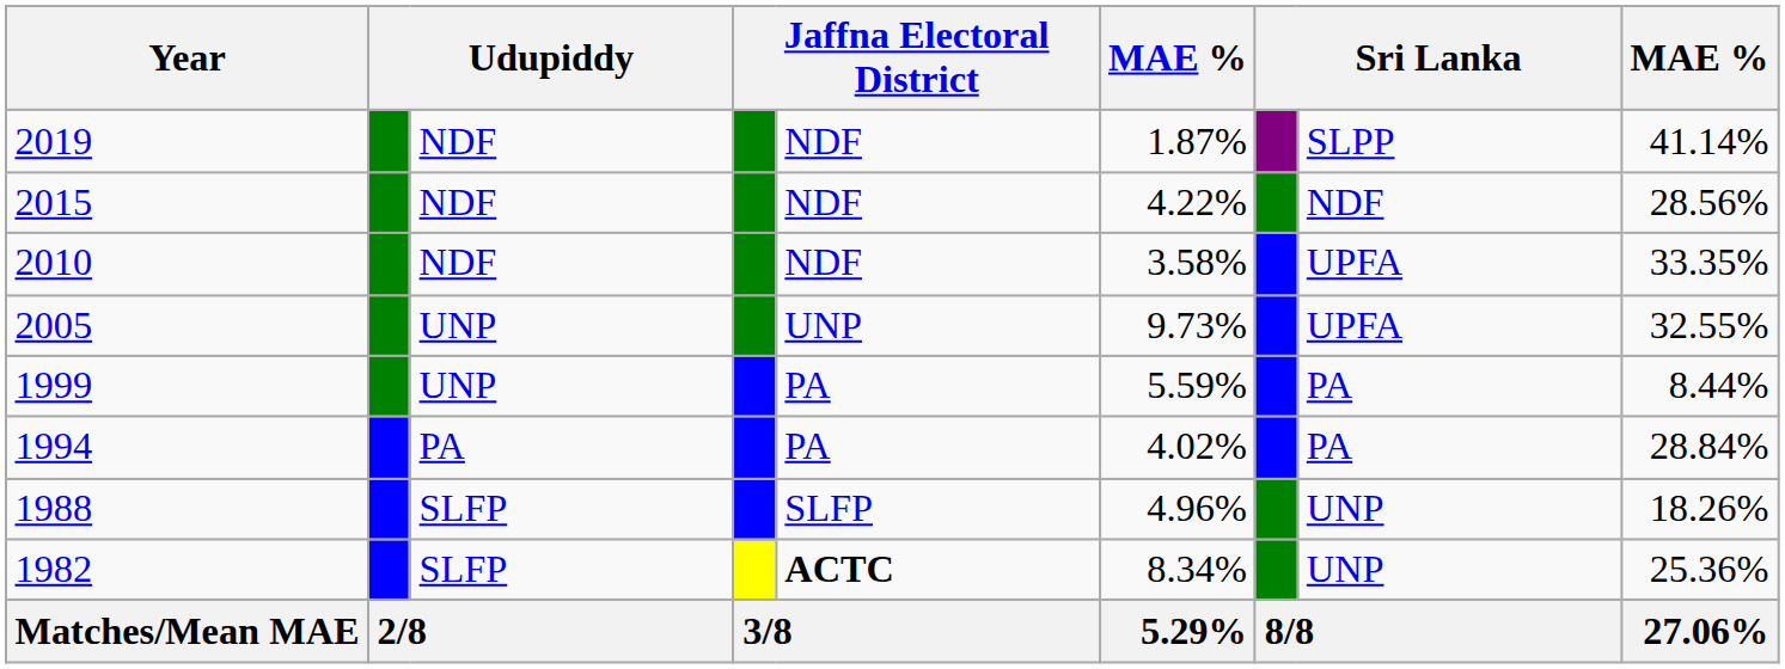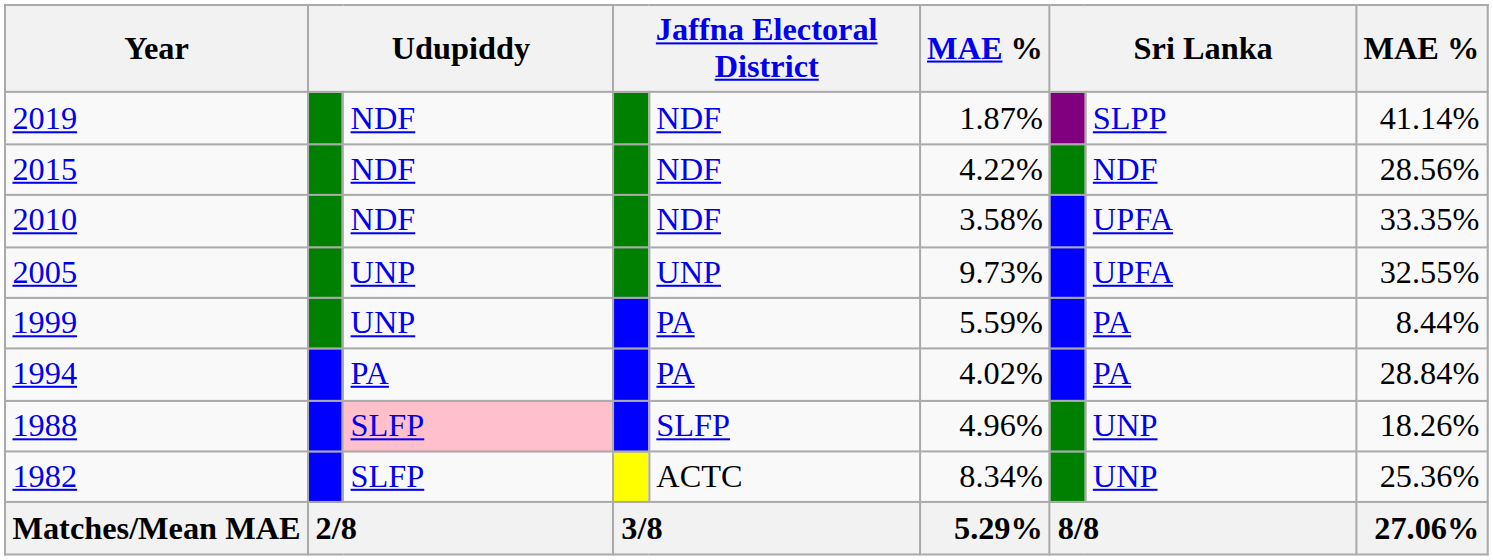 <table class="wikitable">
 <tr>
 <th>Year</th>
 <th colspan="2" width="144px">Udupiddy</th>
 <th colspan="2" width="144px"><a href='#'>Jaffna Electoral District</a></th>
 <th><a href='#'>MAE</a> %</th>
 <th colspan="2" width="144px">Sri Lanka</th>
 <th>MAE %</th>
 </tr>
 <tr>
 <td><a href='#'>2019</a></td>
 <td style="background-color:green;" width="10px"></td>
 <td style="text-align:left;"><a href='#'>NDF</a></td>
 <td style="background-color:green;" width="10px"></td>
 <td style="text-align:left;"><a href='#'>NDF</a></td>
 <td style="text-align:right;">1.87%</td>
 <td style="background-color:purple;" width="10px"></td>
 <td style="text-align:left;"><a href='#'>SLPP</a></td>
 <td style="text-align:right;">41.14%</td>
 </tr>
 <tr>
 <td><a href='#'>2015</a></td>
 <td style="background-color:green;" width="10px"></td>
 <td style="text-align:left;"><a href='#'>NDF</a></td>
 <td style="background-color:green;" width="10px"></td>
 <td style="text-align:left;"><a href='#'>NDF</a></td>
 <td style="text-align:right;">4.22%</td>
 <td style="background-color:green;" width="10px"></td>
 <td style="text-align:left;"><a href='#'>NDF</a></td>
 <td style="text-align:right;">28.56%</td>
 </tr>
 <tr>
 <td><a href='#'>2010</a></td>
 <td style="background-color:green;" width="10px"></td>
 <td style="text-align:left;"><a href='#'>NDF</a></td>
 <td style="background-color:green;" width="10px"></td>
 <td style="text-align:left;"><a href='#'>NDF</a></td>
 <td style="text-align:right;">3.58%</td>
 <td style="background-color:blue;" width="10px"></td>
 <td style="text-align:left;"><a href='#'>UPFA</a></td>
 <td style="text-align:right;">33.35%</td>
 </tr>
 <tr>
 <td><a href='#'>2005</a></td>
 <td style="background-color:green;" width="10px"></td>
 <td style="text-align:left;"><a href='#'>UNP</a></td>
 <td style="background-color:green;" width="10px"></td>
 <td style="text-align:left;"><a href='#'>UNP</a></td>
 <td style="text-align:right;">9.73%</td>
 <td style="background-color:blue;" width="10px"></td>
 <td style="text-align:left;"><a href='#'>UPFA</a></td>
 <td style="text-align:right;">32.55%</td>
 </tr>
 <tr>
 <td><a href='#'>1999</a></td>
 <td style="background-color:green;" width="10px"></td>
 <td style="text-align:left;"><a href='#'>UNP</a></td>
 <td style="background-color:blue;" width="10px"></td>
 <td style="text-align:left;"><a href='#'>PA</a></td>
 <td style="text-align:right;">5.59%</td>
 <td style="background-color:blue;" width="10px"></td>
 <td style="text-align:left;"><a href='#'>PA</a></td>
 <td style="text-align:right;">8.44%</td>
 </tr>
 <tr>
 <td><a href='#'>1994</a></td>
 <td style="background-color:blue;" width="10px"></td>
 <td style="text-align:left;"><a href='#'>PA</a></td>
 <td style="background-color:blue;" width="10px"></td>
 <td style="text-align:left;"><a href='#'>PA</a></td>
 <td style="text-align:right;">4.02%</td>
 <td style="background-color:blue;" width="10px"></td>
 <td style="text-align:left;"><a href='#'>PA</a></td>
 <td style="text-align:right;">28.84%</td>
 </tr>
 <tr>
 <td><a href='#'>1988</a></td>
 <td style="background-color:blue;" width="10px"></td>
-<td style="text-align:left;"><a href='#'>SLFP</a></td>
+<td style="background: pink; text-align:left;"><a href='#'>SLFP</a></td>
 <td style="background-color:blue;" width="10px"></td>
 <td style="text-align:left;"><a href='#'>SLFP</a></td>
 <td style="text-align:right;">4.96%</td>
 <td style="background-color:green;" width="10px"></td>
 <td style="text-align:left;"><a href='#'>UNP</a></td>
 <td style="text-align:right;">18.26%</td>
 </tr>
 <tr>
 <td><a href='#'>1982</a></td>
 <td style="background-color:blue;" width="10px"></td>
 <td style="text-align:left;"><a href='#'>SLFP</a></td>
 <td style="background-color:yellow;" width="10px"></td>
-<td style="text-align:left;"><strong>ACTC</strong></td>
+<td style="text-align:left;">ACTC</td>
 <td style="text-align:right;">8.34%</td>
 <td style="background-color:green;" width="10px"></td>
 <td style="text-align:left;"><a href='#'>UNP</a></td>
 <td style="text-align:right;">25.36%</td>
 </tr>
 <tr>
 <th>Matches/Mean MAE</th>
 <th style="text-align:left;"colspan="2" width="144px">2/8</th>
 <th style="text-align:left;"colspan="2" width="144px">3/8</th>
 <th style="text-align:right;">5.29%</th>
 <th style="text-align:left;"colspan="2" width="144px">8/8</th>
 <th style="text-align:right;">27.06%</th>
 </tr>
 </table>
